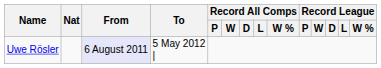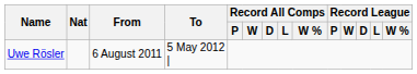 <table class="wikitable" style="text-align: center">
 <tr>
 <th rowspan="2">Name</th>
 <th rowspan="2">Nat</th>
 <th rowspan="2">From</th>
 <th rowspan="2">To</th>
 <th colspan="5">Record All Comps</th>
 <th colspan="5">Record League</th>
 </tr>
 <tr>
 <th>P</th>
 <th>W</th>
 <th>D</th>
 <th>L</th>
 <th>W %</th>
 <th>P</th>
 <th>W</th>
 <th>D</th>
 <th>L</th>
 <th>W %</th>
 </tr>
 <tr>
 <td align=left><a href='#'>Uwe Rösler</a></td>
 <td></td>
-<td align=left style="background: lavender;">6 August 2011</td>
+<td align=left>6 August 2011</td>
 <td align=left>5 May 2012<br>|</td>
 </tr>
 </table>
